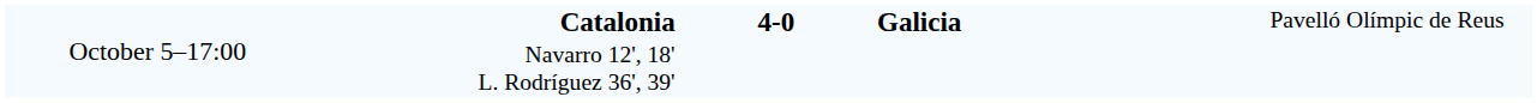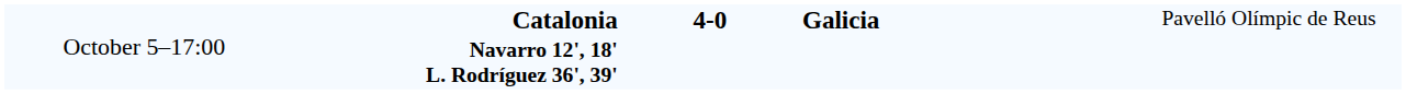 <table style="width: 100%; background:#F5FAFF;" cellspacing="0">
 <tr>
 <td style=font-size:95% align=center rowspan=3 width=20%>October 5–17:00</td>
 </tr>
 <tr>
 <td width=24% align=right><strong>Catalonia</strong></td>
 <td align=center width=13%><strong>4-0</strong></td>
 <td width=24%><strong>Galicia</strong></td>
 <td style=font-size:85% rowspan=3 valign=top align=center>Pavelló Olímpic de Reus</td>
 </tr>
 <tr style=font-size:85%>
-<td align=right valign=top>Navarro 12', 18'<br>L. Rodríguez 36', 39'</td>
+<td align=right valign=top><strong>Navarro 12', 18'<br>L. Rodríguez 36', 39'</strong></td>
 <td align=center></td>
 <td valign=top></td>
 </tr>
 </table>
